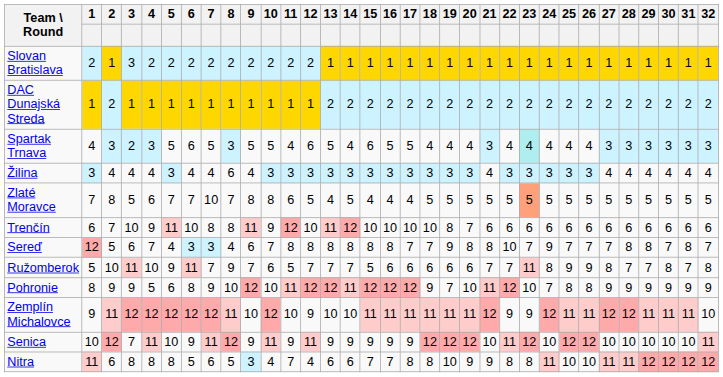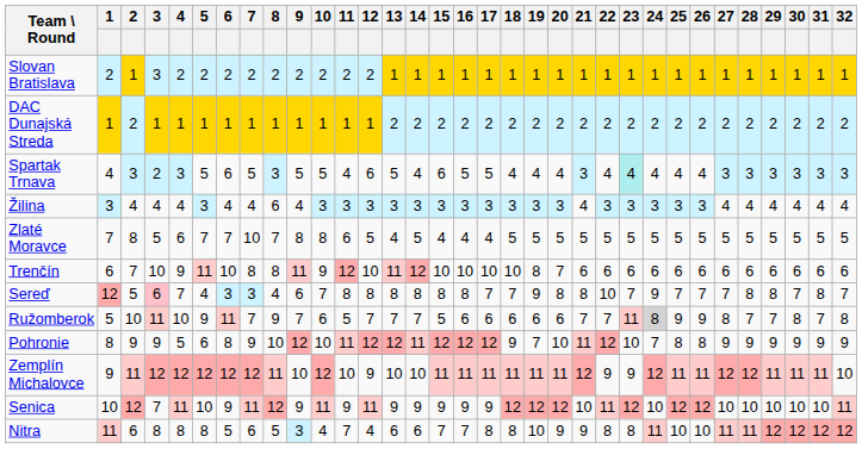 <table class="wikitable sortable" style="font-size: 100%; text-align:center;">
 <tr>
 <th rowspan="2">Team \ Round</th>
 <th align=center>1</th>
 <th align=center>2</th>
 <th align=center>3</th>
 <th align=center>4</th>
 <th align=center>5</th>
 <th align=center>6</th>
 <th align=center>7</th>
 <th align=center>8</th>
 <th align=center>9</th>
 <th align=center>10</th>
 <th align=center>11</th>
 <th align=center>12</th>
 <th align=center>13</th>
 <th align=center>14</th>
 <th align=center>15</th>
 <th align=center>16</th>
 <th align=center>17</th>
 <th align=center>18</th>
 <th align=center>19</th>
 <th align=center>20</th>
 <th align=center>21</th>
 <th align=center>22</th>
 <th align=center>23</th>
 <th align=center>24</th>
 <th align=center>25</th>
 <th align=center>26</th>
 <th align=center>27</th>
 <th align=center>28</th>
 <th align=center>29</th>
 <th align=center>30</th>
 <th align=center>31</th>
 <th align=center>32</th>
 </tr>
 <tr>
 <th style="text-align:center; height:20px;"></th>
 <th align=center></th>
 <th align=center></th>
 <th align=center></th>
 <th align=center></th>
 <th align=center></th>
 <th align=center></th>
 <th align=center></th>
 <th align=center></th>
 <th align=center></th>
 <th align=center></th>
 <th align=center></th>
 <th align=center></th>
 <th align=center></th>
 <th align=center></th>
 <th align=center></th>
 <th align=center></th>
 <th align=center></th>
 <th align=center></th>
 <th align=center></th>
 <th align=center></th>
 <th align=center></th>
 <th align=center></th>
 <th align=center></th>
 <th align=center></th>
 <th align=center></th>
 <th align=center></th>
 <th align=center></th>
 <th align=center></th>
 <th align=center></th>
 <th align=center></th>
 <th align=center></th>
 </tr>
 <tr align=center>
 <td align=left><a href='#'>Slovan Bratislava</a></td>
 <td style="background:#CCF3FF;">2</td>
 <td style="background:gold;">1</td>
 <td style="background:#CCF3FF;">3</td>
 <td style="background:#CCF3FF;">2</td>
 <td style="background:#CCF3FF;">2</td>
 <td style="background:#CCF3FF;">2</td>
 <td style="background:#CCF3FF;">2</td>
 <td style="background:#CCF3FF;">2</td>
 <td style="background:#CCF3FF;">2</td>
 <td style="background:#CCF3FF;">2</td>
 <td style="background:#CCF3FF;">2</td>
 <td style="background:#CCF3FF;">2</td>
 <td style="background:gold;">1</td>
 <td style="background:gold;">1</td>
 <td style="background:gold;">1</td>
 <td style="background:gold;">1</td>
 <td style="background:gold;">1</td>
 <td style="background:gold;">1</td>
 <td style="background:gold;">1</td>
 <td style="background:gold;">1</td>
 <td style="background:gold;">1</td>
 <td style="background:gold;">1</td>
 <td style="background:gold;">1</td>
 <td style="background:gold;">1</td>
 <td style="background:gold;">1</td>
 <td style="background:gold;">1</td>
 <td style="background:gold;">1</td>
 <td style="background:gold;">1</td>
 <td style="background:gold;">1</td>
 <td style="background:gold;">1</td>
 <td style="background:gold;">1</td>
 <td style="background:gold;">1</td>
 </tr>
 <tr align=center>
 <td align=left><a href='#'>DAC Dunajská Streda</a></td>
 <td style="background:gold;">1</td>
 <td style="background:#CCF3FF;">2</td>
 <td style="background:gold;">1</td>
 <td style="background:gold;">1</td>
 <td style="background:gold;">1</td>
 <td style="background:gold;">1</td>
 <td style="background:gold;">1</td>
 <td style="background:gold;">1</td>
 <td style="background:gold;">1</td>
 <td style="background:gold;">1</td>
 <td style="background:gold;">1</td>
 <td style="background:gold;">1</td>
 <td style="background:#CCF3FF;">2</td>
 <td style="background:#CCF3FF;">2</td>
 <td style="background:#CCF3FF;">2</td>
 <td style="background:#CCF3FF;">2</td>
 <td style="background:#CCF3FF;">2</td>
 <td style="background:#CCF3FF;">2</td>
 <td style="background:#CCF3FF;">2</td>
 <td style="background:#CCF3FF;">2</td>
 <td style="background:#CCF3FF;">2</td>
 <td style="background:#CCF3FF;">2</td>
 <td style="background:#CCF3FF;">2</td>
 <td style="background:#CCF3FF;">2</td>
 <td style="background:#CCF3FF;">2</td>
 <td style="background:#CCF3FF;">2</td>
 <td style="background:#CCF3FF;">2</td>
 <td style="background:#CCF3FF;">2</td>
 <td style="background:#CCF3FF;">2</td>
 <td style="background:#CCF3FF;">2</td>
 <td style="background:#CCF3FF;">2</td>
 <td style="background:#CCF3FF;">2</td>
 </tr>
 <tr align=center>
 <td align="left"><a href='#'>Spartak Trnava</a></td>
 <td>4</td>
 <td style="background:#CCF3FF;">3</td>
 <td style="background:#CCF3FF;">2</td>
 <td style="background:#CCF3FF;">3</td>
 <td>5</td>
 <td>6</td>
 <td>5</td>
 <td style="background:#CCF3FF;">3</td>
 <td>5</td>
 <td>5</td>
 <td>4</td>
 <td>6</td>
 <td>5</td>
 <td>4</td>
 <td>6</td>
 <td>5</td>
 <td>5</td>
 <td>4</td>
 <td>4</td>
 <td>4</td>
 <td style="background:#CCF3FF;">3</td>
 <td>4</td>
 <td style="background: paleturquoise;">4</td>
 <td>4</td>
 <td>4</td>
 <td>4</td>
 <td style="background:#CCF3FF;">3</td>
 <td style="background:#CCF3FF;">3</td>
 <td style="background:#CCF3FF;">3</td>
 <td style="background:#CCF3FF;">3</td>
 <td style="background:#CCF3FF;">3</td>
 <td style="background:#CCF3FF;">3</td>
 </tr>
 <tr align="center">
 <td align=left><a href='#'>Žilina</a></td>
 <td style="background:#CCF3FF;">3</td>
 <td>4</td>
 <td>4</td>
 <td>4</td>
 <td style="background:#CCF3FF;">3</td>
 <td>4</td>
 <td>4</td>
 <td>6</td>
 <td>4</td>
 <td style="background:#CCF3FF;">3</td>
 <td style="background:#CCF3FF;">3</td>
 <td style="background:#CCF3FF;">3</td>
 <td style="background:#CCF3FF;">3</td>
 <td style="background:#CCF3FF;">3</td>
 <td style="background:#CCF3FF;">3</td>
 <td style="background:#CCF3FF;">3</td>
 <td style="background:#CCF3FF;">3</td>
 <td style="background:#CCF3FF;">3</td>
 <td style="background:#CCF3FF;">3</td>
 <td style="background:#CCF3FF;">3</td>
 <td>4</td>
 <td style="background:#CCF3FF;">3</td>
 <td style="background:#CCF3FF;">3</td>
 <td style="background:#CCF3FF;">3</td>
 <td style="background:#CCF3FF;">3</td>
 <td style="background:#CCF3FF;">3</td>
 <td>4</td>
 <td>4</td>
 <td>4</td>
 <td>4</td>
 <td>4</td>
 <td>4</td>
 </tr>
 <tr align=center>
 <td align="left"><a href='#'>Zlaté Moravce</a></td>
 <td>7</td>
 <td>8</td>
 <td>5</td>
 <td>6</td>
 <td>7</td>
 <td>7</td>
 <td>10</td>
 <td>7</td>
 <td>8</td>
 <td>8</td>
 <td>6</td>
 <td>5</td>
 <td>4</td>
 <td>5</td>
 <td>4</td>
 <td>4</td>
 <td>4</td>
 <td>5</td>
 <td>5</td>
 <td>5</td>
 <td>5</td>
 <td>5</td>
-<td style="background: lightsalmon;">5</td>
+<td>5</td>
 <td>5</td>
 <td>5</td>
 <td>5</td>
 <td>5</td>
 <td>5</td>
 <td>5</td>
 <td>5</td>
 <td>5</td>
 <td>5</td>
 </tr>
 <tr align="center">
 <td align="left"><a href='#'>Trenčín</a></td>
 <td>6</td>
 <td>7</td>
 <td>10</td>
 <td>9</td>
 <td style="background:#FFCCCC;">11</td>
 <td>10</td>
 <td>8</td>
 <td>8</td>
 <td style="background:#FFCCCC;">11</td>
 <td>9</td>
 <td style="background:#FFAAAA;">12</td>
 <td>10</td>
 <td style="background:#FFCCCC;">11</td>
 <td style="background:#FFAAAA;">12</td>
 <td>10</td>
 <td>10</td>
 <td>10</td>
 <td>10</td>
 <td>8</td>
 <td>7</td>
 <td>6</td>
 <td>6</td>
 <td>6</td>
 <td>6</td>
 <td>6</td>
 <td>6</td>
 <td>6</td>
 <td>6</td>
 <td>6</td>
 <td>6</td>
 <td>6</td>
 <td>6</td>
 </tr>
 <tr align="center">
 <td align=left><a href='#'>Sereď</a></td>
 <td style="background:#FFAAAA;">12</td>
 <td>5</td>
-<td>6</td>
+<td style="background: pink;">6</td>
 <td>7</td>
 <td>4</td>
 <td style="background:#CCF3FF;">3</td>
 <td style="background:#CCF3FF;">3</td>
 <td>4</td>
 <td>6</td>
 <td>7</td>
 <td>8</td>
 <td>8</td>
 <td>8</td>
 <td>8</td>
 <td>8</td>
 <td>8</td>
 <td>7</td>
 <td>7</td>
 <td>9</td>
 <td>8</td>
 <td>8</td>
 <td>10</td>
 <td>7</td>
 <td>9</td>
 <td>7</td>
 <td>7</td>
 <td>7</td>
 <td>8</td>
 <td>8</td>
 <td>7</td>
 <td>8</td>
 <td>7</td>
 </tr>
 <tr align="center">
 <td align="left"><a href='#'>Ružomberok</a></td>
 <td>5</td>
 <td>10</td>
 <td style="background:#FFCCCC;">11</td>
 <td>10</td>
 <td>9</td>
 <td style="background:#FFCCCC;">11</td>
 <td>7</td>
 <td>9</td>
 <td>7</td>
 <td>6</td>
 <td>5</td>
 <td>7</td>
 <td>7</td>
 <td>7</td>
 <td>5</td>
 <td>6</td>
 <td>6</td>
 <td>6</td>
 <td>6</td>
 <td>6</td>
 <td>7</td>
 <td>7</td>
 <td style="background:#FFCCCC;">11</td>
-<td>8</td>
+<td style="background: lightgrey;">8</td>
 <td>9</td>
 <td>9</td>
 <td>8</td>
 <td>7</td>
 <td>7</td>
 <td>8</td>
 <td>7</td>
 <td>8</td>
 </tr>
 <tr align="center">
 <td align=left><a href='#'>Pohronie</a></td>
 <td>8</td>
 <td>9</td>
 <td>9</td>
 <td>5</td>
 <td>6</td>
 <td>8</td>
 <td>9</td>
 <td>10</td>
 <td style="background:#FFAAAA;">12</td>
 <td>10</td>
 <td style="background:#FFCCCC;">11</td>
 <td style="background:#FFAAAA;">12</td>
 <td style="background:#FFAAAA;">12</td>
 <td style="background:#FFCCCC;">11</td>
 <td style="background:#FFAAAA;">12</td>
 <td style="background:#FFAAAA;">12</td>
 <td style="background:#FFAAAA;">12</td>
 <td>9</td>
 <td>7</td>
 <td>10</td>
 <td style="background:#FFCCCC;">11</td>
 <td style="background:#FFAAAA;">12</td>
 <td>10</td>
 <td>7</td>
 <td>8</td>
 <td>8</td>
 <td>9</td>
 <td>9</td>
 <td>9</td>
 <td>9</td>
 <td>9</td>
 <td>9</td>
 </tr>
 <tr align=center>
 <td align="left"><a href='#'>Zemplín Michalovce</a></td>
 <td>9</td>
 <td style="background:#FFCCCC;">11</td>
 <td style="background:#FFAAAA;">12</td>
 <td style="background:#FFAAAA;">12</td>
 <td style="background:#FFAAAA;">12</td>
 <td style="background:#FFAAAA;">12</td>
 <td style="background:#FFAAAA;">12</td>
 <td style="background:#FFCCCC;">11</td>
 <td>10</td>
 <td style="background:#FFAAAA;">12</td>
 <td>10</td>
 <td>9</td>
 <td>10</td>
 <td>10</td>
 <td style="background:#FFCCCC;">11</td>
 <td style="background:#FFCCCC;">11</td>
 <td style="background:#FFCCCC;">11</td>
 <td style="background:#FFCCCC;">11</td>
 <td style="background:#FFCCCC;">11</td>
 <td style="background:#FFCCCC;">11</td>
 <td style="background:#FFAAAA;">12</td>
 <td>9</td>
 <td>9</td>
 <td style="background:#FFAAAA;">12</td>
 <td style="background:#FFCCCC;">11</td>
 <td style="background:#FFCCCC;">11</td>
 <td style="background:#FFAAAA;">12</td>
 <td style="background:#FFAAAA;">12</td>
 <td style="background:#FFCCCC;">11</td>
 <td style="background:#FFCCCC;">11</td>
 <td style="background:#FFCCCC;">11</td>
 <td>10</td>
 </tr>
 <tr align=center>
 <td align="left"><a href='#'>Senica</a></td>
 <td>10</td>
 <td style="background:#FFAAAA;">12</td>
 <td>7</td>
 <td style="background:#FFCCCC;">11</td>
 <td>10</td>
 <td>9</td>
 <td style="background:#FFCCCC;">11</td>
 <td style="background:#FFAAAA;">12</td>
 <td>9</td>
 <td style="background:#FFCCCC;">11</td>
 <td>9</td>
 <td style="background:#FFCCCC;">11</td>
 <td>9</td>
 <td>9</td>
 <td>9</td>
 <td>9</td>
 <td>9</td>
 <td style="background:#FFAAAA;">12</td>
 <td style="background:#FFAAAA;">12</td>
 <td style="background:#FFAAAA;">12</td>
 <td>10</td>
 <td style="background:#FFCCCC;">11</td>
 <td style="background:#FFAAAA;">12</td>
 <td>10</td>
 <td style="background:#FFAAAA;">12</td>
 <td style="background:#FFAAAA;">12</td>
 <td>10</td>
 <td>10</td>
 <td>10</td>
 <td>10</td>
 <td>10</td>
 <td style="background:#FFCCCC;">11</td>
 </tr>
 <tr align="center">
 <td align=left><a href='#'>Nitra</a></td>
 <td style="background:#FFCCCC;">11</td>
 <td>6</td>
 <td>8</td>
 <td>8</td>
 <td>8</td>
 <td>5</td>
 <td>6</td>
 <td>5</td>
 <td style="background:#CCF3FF;">3</td>
 <td>4</td>
 <td>7</td>
 <td>4</td>
 <td>6</td>
 <td>6</td>
 <td>7</td>
 <td>7</td>
 <td>8</td>
 <td>8</td>
 <td>10</td>
 <td>9</td>
 <td>9</td>
 <td>8</td>
 <td>8</td>
 <td style="background:#FFCCCC;">11</td>
 <td>10</td>
 <td>10</td>
 <td style="background:#FFCCCC;">11</td>
 <td style="background:#FFCCCC;">11</td>
 <td style="background:#FFAAAA;">12</td>
 <td style="background:#FFAAAA;">12</td>
 <td style="background:#FFAAAA;">12</td>
 <td style="background:#FFAAAA;">12</td>
 </tr>
 </table>
